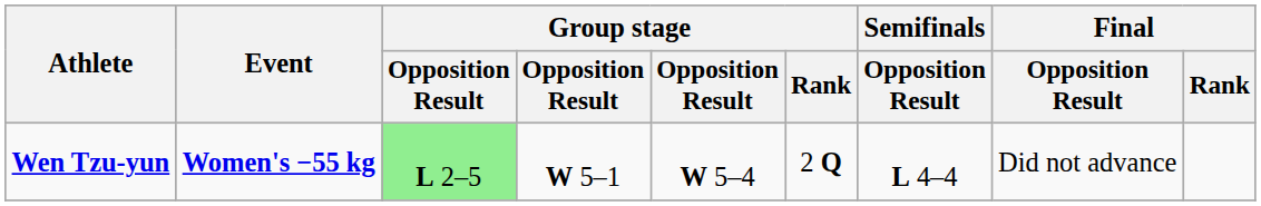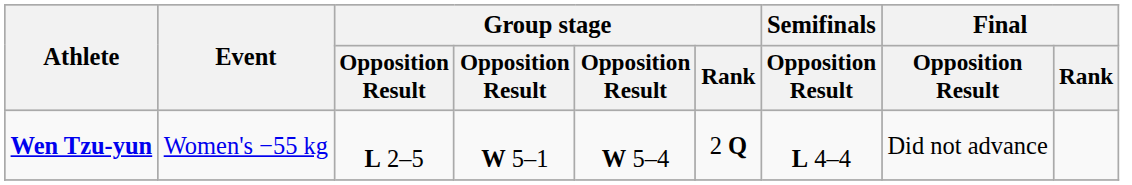 <table class="wikitable" style="font-size:90%;">
 <tr>
 <th rowspan=2>Athlete</th>
 <th rowspan=2>Event</th>
 <th colspan=4>Group stage</th>
 <th>Semifinals</th>
 <th colspan=2>Final</th>
 </tr>
 <tr style="font-size:95%">
 <th>Opposition<br>Result</th>
 <th>Opposition<br>Result</th>
 <th>Opposition<br>Result</th>
 <th>Rank</th>
 <th>Opposition<br>Result</th>
 <th>Opposition<br>Result</th>
 <th>Rank</th>
 </tr>
 <tr align=center>
 <td align=left><strong><a href='#'>Wen Tzu-yun</a></strong></td>
-<td align=left><strong><a href='#'>Women's −55 kg</a></strong></td>
-<td style="background: lightgreen;"><br><strong>L</strong> 2–5</td>
+<td align=left><a href='#'>Women's −55 kg</a></td>
+<td><br><strong>L</strong> 2–5</td>
 <td><br><strong>W</strong> 5–1</td>
 <td><br><strong>W</strong> 5–4</td>
 <td>2 <strong>Q</strong></td>
 <td><br><strong>L</strong> 4–4</td>
 <td>Did not advance</td>
 <td></td>
 </tr>
 </table>
